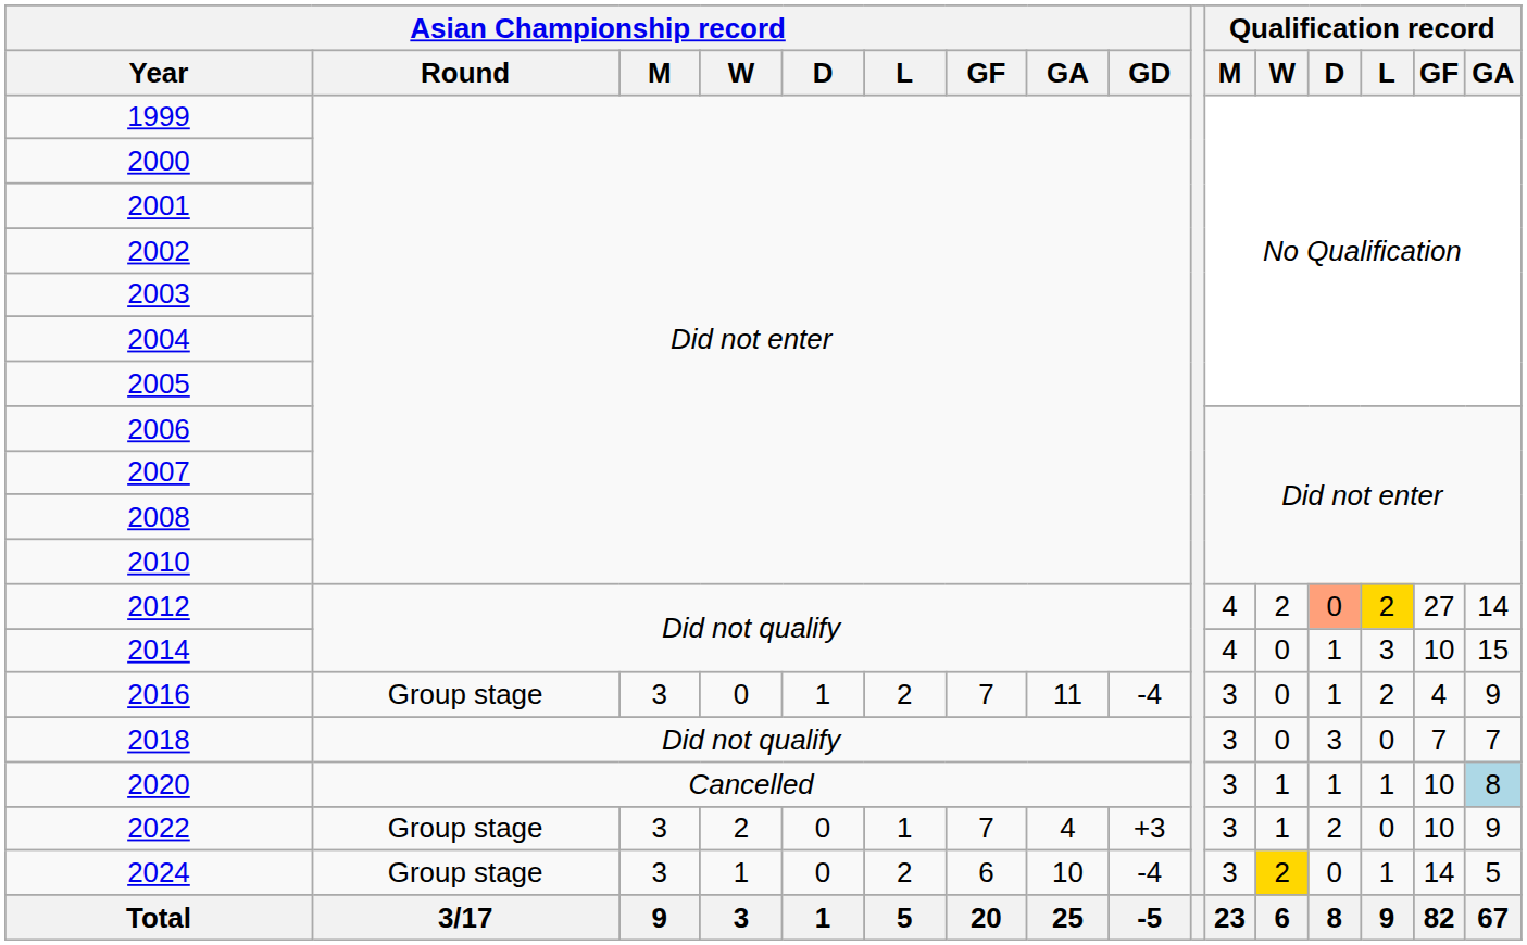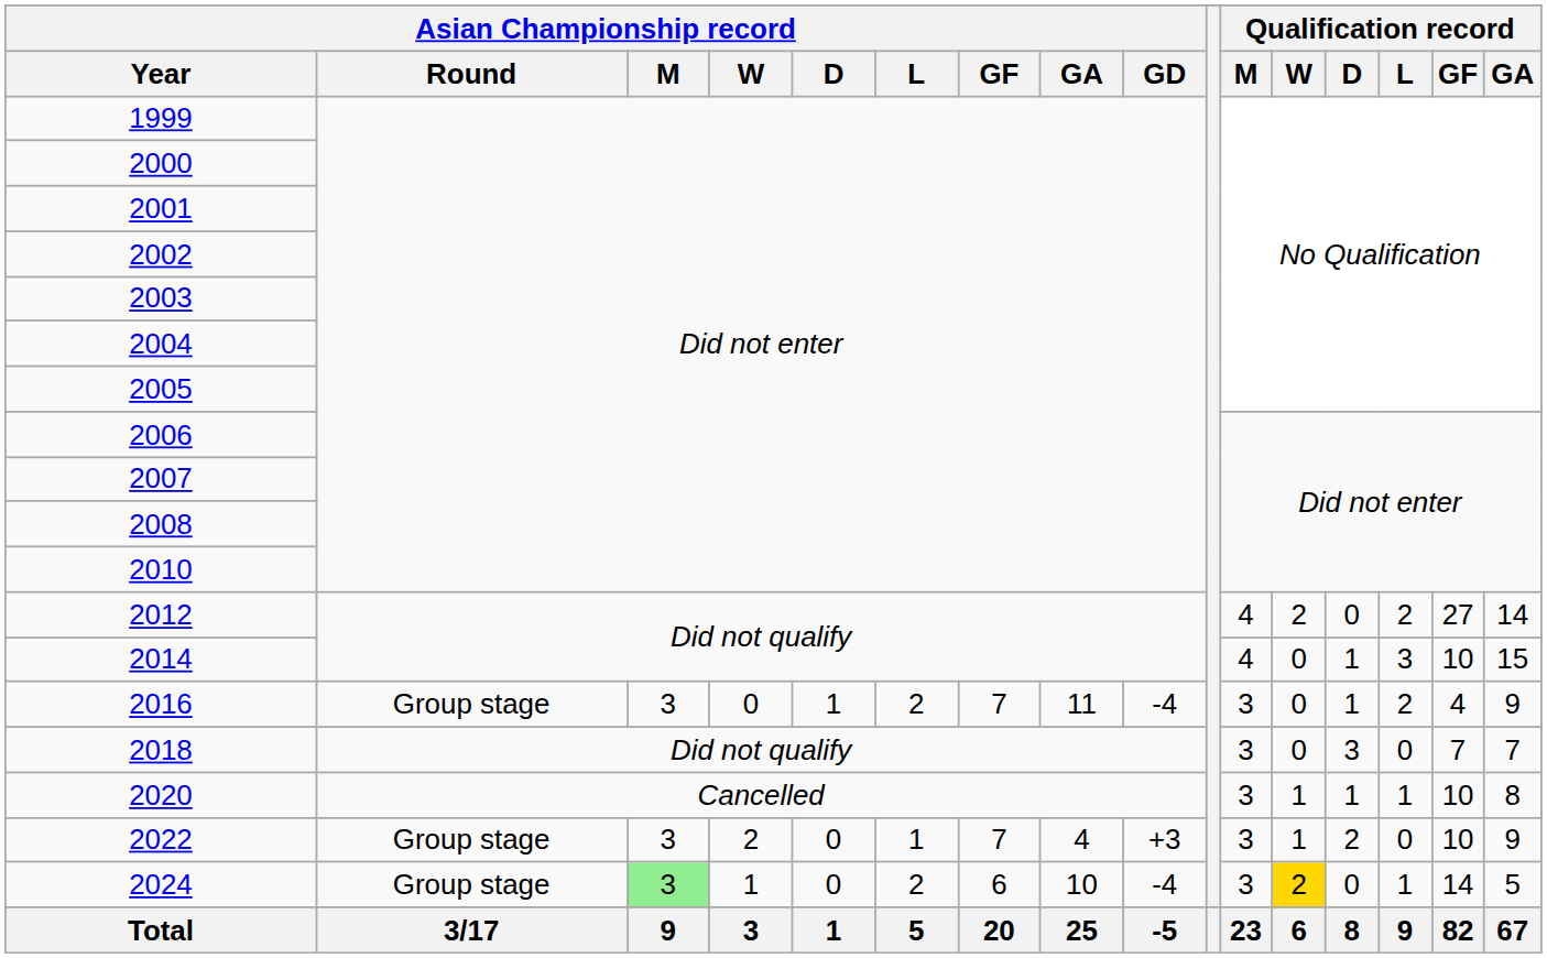 <table class="wikitable" style="text-align: center;font-size:90%;">
 <tr>
 <th colspan=9><a href='#'>Asian Championship record</a></th>
 <th style="width:1" rowspan="20"></th>
 <th colspan=6>Qualification record</th>
 </tr>
 <tr>
 <th width=150>Year</th>
 <th width=150>Round</th>
 <th width=35>M</th>
 <th width=35>W</th>
 <th width=35>D</th>
 <th width=35>L</th>
 <th width=35>GF</th>
 <th width=35>GA</th>
 <th width=35>GD</th>
 <th width=20>M</th>
 <th width=20>W</th>
 <th width=20>D</th>
 <th width=20>L</th>
 <th width=20>GF</th>
 <th width=20>GA</th>
 </tr>
 <tr>
 <td> <a href='#'>1999</a></td>
 <td rowspan=11 colspan=8><em>Did not enter</em></td>
 <td bgcolor=white rowspan=7 colspan=6><em>No Qualification</em></td>
 </tr>
 <tr>
 <td> <a href='#'>2000</a></td>
 </tr>
 <tr>
 <td> <a href='#'>2001</a></td>
 </tr>
 <tr>
 <td> <a href='#'>2002</a></td>
 </tr>
 <tr>
 <td> <a href='#'>2003</a></td>
 </tr>
 <tr>
 <td> <a href='#'>2004</a></td>
 </tr>
 <tr>
 <td> <a href='#'>2005</a></td>
 </tr>
 <tr>
 <td> <a href='#'>2006</a></td>
 <td rowspan=4 colspan=8><em>Did not enter</em></td>
 </tr>
 <tr>
 <td> <a href='#'>2007</a></td>
 </tr>
 <tr>
 <td> <a href='#'>2008</a></td>
 </tr>
 <tr>
 <td> <a href='#'>2010</a></td>
 </tr>
 <tr>
 <td> <a href='#'>2012</a></td>
 <td rowspan=2 colspan=8><em>Did not qualify</em></td>
 <td>4</td>
 <td>2</td>
-<td style="background: lightsalmon;">0</td>
-<td style="background: gold;">2</td>
+<td>0</td>
+<td>2</td>
 <td>27</td>
 <td>14</td>
 </tr>
 <tr>
 <td> <a href='#'>2014</a></td>
 <td>4</td>
 <td>0</td>
 <td>1</td>
 <td>3</td>
 <td>10</td>
 <td>15</td>
 </tr>
 <tr>
 <td> <a href='#'>2016</a></td>
 <td>Group stage</td>
 <td>3</td>
 <td>0</td>
 <td>1</td>
 <td>2</td>
 <td>7</td>
 <td>11</td>
 <td>-4</td>
 <td>3</td>
 <td>0</td>
 <td>1</td>
 <td>2</td>
 <td>4</td>
 <td>9</td>
 </tr>
 <tr>
 <td> <a href='#'>2018</a></td>
 <td rowspan=1 colspan=8><em>Did not qualify</em></td>
 <td>3</td>
 <td>0</td>
 <td>3</td>
 <td>0</td>
 <td>7</td>
 <td>7</td>
 </tr>
 <tr>
 <td> <a href='#'>2020</a></td>
 <td rowspan=1 colspan=8><em>Cancelled</em></td>
 <td>3</td>
 <td>1</td>
 <td>1</td>
 <td>1</td>
 <td>10</td>
-<td style="background: lightblue;">8</td>
+<td>8</td>
 </tr>
 <tr>
 <td> <a href='#'>2022</a></td>
 <td>Group stage</td>
 <td>3</td>
 <td>2</td>
 <td>0</td>
 <td>1</td>
 <td>7</td>
 <td>4</td>
 <td>+3</td>
 <td>3</td>
 <td>1</td>
 <td>2</td>
 <td>0</td>
 <td>10</td>
 <td>9</td>
 </tr>
 <tr>
 <td> <a href='#'>2024</a></td>
 <td>Group stage</td>
-<td>3</td>
+<td style="background: lightgreen;">3</td>
 <td>1</td>
 <td>0</td>
 <td>2</td>
 <td>6</td>
 <td>10</td>
 <td>-4</td>
 <td>3</td>
 <td style="background: gold;">2</td>
 <td>0</td>
 <td>1</td>
 <td>14</td>
 <td>5</td>
 </tr>
 <tr>
 <th><strong>Total</strong></th>
 <th>3/17</th>
 <th>9</th>
 <th>3</th>
 <th>1</th>
 <th>5</th>
 <th>20</th>
 <th>25</th>
 <th>-5</th>
 <th></th>
 <th>23</th>
 <th>6</th>
 <th>8</th>
 <th>9</th>
 <th>82</th>
 <th>67</th>
 </tr>
 </table>
